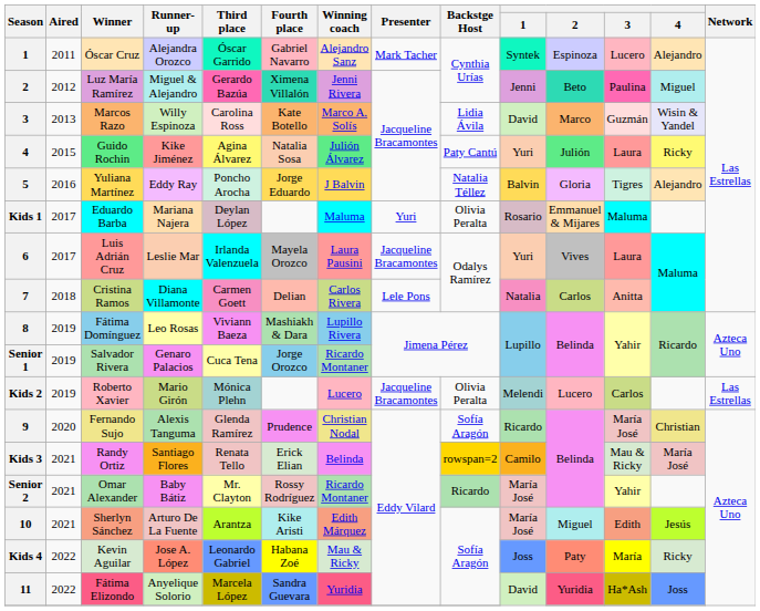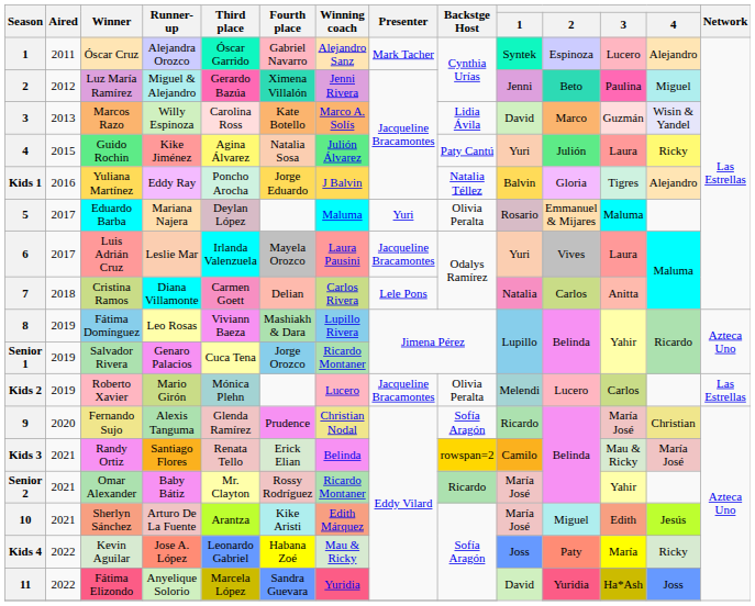 <table class="wikitable" style="text-align:center; font-size:90%; line-height:16px; width:100%">
 <tr>
 <th rowspan="2" scope="col" width="02%">Season</th>
 <th rowspan="2" scope="col" width="05%">Aired</th>
 <th rowspan="2" scope="col" width="09%">Winner</th>
 <th rowspan="2" scope="col" width="09%">Runner-up</th>
 <th rowspan="2" scope="col" width="09%">Third place</th>
 <th rowspan="2" scope="col" width="09%">Fourth place</th>
 <th rowspan="2" scope="col" width="09%">Winning coach</th>
 <th rowspan="2" scope="col" width="09%">Presenter</th>
 <th rowspan="2" scope="col" width="09%">Backstge Host</th>
 <th colspan="4" scope="col" width="18%"></th>
 <th rowspan="2" scope="col" style="width:05%">Network</th>
 </tr>
 <tr>
 <th width="06%">1</th>
 <th width="06%">2</th>
 <th width="06%">3</th>
 <th width="06%">4</th>
 </tr>
 <tr>
 <th>1</th>
 <td>2011</td>
 <td style="background:#ffe5b4">Óscar Cruz</td>
 <td style="background:#ccccff">Alejandra Orozco</td>
 <td style="background:#0ff7c0">Óscar Garrido</td>
 <td style="background: lightpink">Gabriel Navarro</td>
 <td style="background:#ffe5b4"><a href='#'>Alejandro Sanz</a></td>
 <td><a href='#'>Mark Tacher</a></td>
 <td rowspan=2><a href='#'>Cynthia Urías</a></td>
 <td style="background:#0ff7c0">Syntek</td>
 <td style="background:#ccccff">Espinoza</td>
 <td style="background: lightpink">Lucero</td>
 <td style="background:#ffe5b4">Alejandro</td>
 <td rowspan=8><a href='#'>Las Estrellas</a></td>
 </tr>
 <tr>
 <th>2</th>
 <td>2012</td>
 <td style="background:#dda0dd">Luz María Ramírez</td>
 <td style="background:#afeeee">Miguel & Alejandro</td>
 <td style="background:#FF69B4">Gerardo Bazúa</td>
 <td style="background:#2ddab4">Ximena Villalón</td>
 <td style="background:#dda0dd"><a href='#'>Jenni Rivera</a></td>
 <td rowspan="4"><a href='#'>Jacqueline Bracamontes</a></td>
 <td style="background:#dda0dd">Jenni</td>
 <td style="background:#2ddab4">Beto</td>
 <td style="background:#FF69B4">Paulina</td>
 <td style="background:#afeeee">Miguel</td>
 </tr>
 <tr>
 <th>3</th>
 <td>2013</td>
 <td style="background:#fbb46e">Marcos Razo</td>
 <td style="background:#d0f0c0">Willy Espinoza</td>
 <td style="background:#ffdddd">Carolina Ross</td>
 <td style="background:#fbb46e">Kate Botello</td>
 <td style="background:#fbb46e"><a href='#'>Marco A. Solís</a></td>
 <td><a href='#'>Lidia Ávila</a></td>
 <td style="background:#d0f0c0">David</td>
 <td style="background:#fbb46e">Marco</td>
 <td style="background:#ffdddd">Guzmán</td>
 <td style="background: lavender">Wisin & Yandel</td>
 </tr>
 <tr>
 <th>4</th>
 <td>2015</td>
 <td style="background:#5deb87">Guido Rochin</td>
 <td style="background:#ff9999">Kike Jiménez</td>
 <td style="background:#fffa73">Agina Álvarez</td>
 <td style="background:#FBCEB1">Natalia Sosa</td>
 <td style="background:#5deb87"><a href='#'>Julión Álvarez</a></td>
 <td><a href='#'>Paty Cantú</a></td>
 <td style="background:#FBCEB1">Yuri</td>
 <td style="background:#5deb87">Julión</td>
 <td style="background:#ff9999">Laura</td>
 <td style="background:#fffa73">Ricky</td>
 </tr>
 <tr>
-<th>5</th>
+<th>Kids 1</th>
 <td>2016</td>
 <td style="background:#ffdb58">Yuliana Martínez</td>
 <td style="background:#f4bbff">Eddy Ray</td>
 <td style="background:#cef2e0">Poncho Arocha</td>
 <td style="background:#ffdb58">Jorge Eduardo</td>
 <td style="background:#ffdb58"><a href='#'>J Balvin</a></td>
 <td><a href='#'>Natalia Téllez</a></td>
 <td style="background:#ffdb58">Balvin</td>
 <td style="background:#f4bbff">Gloria</td>
 <td style="background:#cef2e0">Tigres</td>
 <td style="background:#ffe5b4">Alejandro</td>
 </tr>
 <tr>
-<th>Kids 1</th>
+<th>5</th>
 <td>2017</td>
 <td style="background:#00FFFF">Eduardo Barba</td>
 <td style="background:#FFDEAD; width:07%">Mariana Najera</td>
 <td style="background:#d7bbc6; width:07%">Deylan López</td>
 <td></td>
 <td bgcolor="#00FFFF"><a href='#'>Maluma</a></td>
 <td><a href='#'>Yuri</a></td>
 <td>Olivia Peralta</td>
 <td style="background:#d7bbc6">Rosario</td>
 <td style="background:#FFDEAD">Emmanuel & Mijares</td>
 <td style="background:#00FFFF">Maluma</td>
 <td></td>
 </tr>
 <tr>
 <th>6</th>
 <td>2017</td>
 <td style="background:#ff9999">Luis Adrián Cruz</td>
 <td style="background:#FBCEB1">Leslie Mar</td>
 <td style="background:#00FFFF">Irlanda Valenzuela</td>
 <td style="background: silver">Mayela Orozco</td>
 <td style="background:#ff9999"><a href='#'>Laura Pausini</a></td>
 <td><a href='#'>Jacqueline Bracamontes</a></td>
 <td rowspan="2">Odalys Ramírez</td>
 <td style="background:#FBCEB1">Yuri</td>
 <td style="background: silver">Vives</td>
 <td style="background:#ff9999">Laura</td>
 <td rowspan="2" style="background:#00FFFF">Maluma</td>
 </tr>
 <tr>
 <th>7</th>
 <td>2018</td>
 <td style="background:#C9DC87">Cristina Ramos</td>
 <td style="background:#00FFFF">Diana Villamonte</td>
 <td style="background:#f78fc2">Carmen Goett</td>
 <td style="background:#febaad">Delian</td>
 <td style="background:#C9DC87"><a href='#'>Carlos Rivera</a></td>
 <td><a href='#'>Lele Pons</a></td>
 <td style="background:#f78fc2">Natalia</td>
 <td style="background:#C9DC87">Carlos</td>
 <td style="background:#febaad">Anitta</td>
 </tr>
 <tr>
 <th>8</th>
 <td>2019</td>
 <td style="background:#87ceeb">Fátima Domínguez</td>
 <td style="background:#ffffaa">Leo Rosas</td>
 <td style="background:#f791f3">Viviann Baeza</td>
 <td style="background:#ace1af">Mashiakh & Dara</td>
 <td style="background:#87ceeb"><a href='#'>Lupillo Rivera</a></td>
 <td rowspan="2" colspan="2"><a href='#'>Jimena Pérez</a></td>
 <td style="background:#87ceeb" rowspan="2">Lupillo</td>
 <td style="background:#f791f3" rowspan="2">Belinda</td>
 <td style="background:#ffffaa" rowspan="2">Yahir</td>
 <td style="background:#ace1af" rowspan="2">Ricardo</td>
 <td rowspan=2><a href='#'>Azteca Uno</a></td>
 </tr>
 <tr>
 <th>Senior 1</th>
 <td>2019</td>
 <td style="background:#ace1af">Salvador Rivera</td>
 <td style="background:#f791f3; width:10%">Genaro Palacios</td>
 <td style="background:#ffffaa; width:10%">Cuca Tena</td>
 <td style="background:#87ceeb; width:10%">Jorge Orozco</td>
 <td style="background:#ace1af"><a href='#'>Ricardo Montaner</a></td>
 </tr>
 <tr>
 <th>Kids 2</th>
 <td>2019</td>
 <td style="background:lightpink">Roberto Xavier</td>
 <td style="background:#C9DC87">Mario Girón</td>
 <td style="background:#a3d3d3">Mónica Plehn</td>
 <td></td>
 <td style="background:lightpink"><a href='#'>Lucero</a></td>
 <td><a href='#'>Jacqueline Bracamontes</a></td>
 <td>Olivia Peralta</td>
 <td style="background:#a3d3d3">Melendi</td>
 <td style="background:lightpink">Lucero</td>
 <td style="background:#C9DC87">Carlos</td>
 <td></td>
 <td><a href='#'>Las Estrellas</a></td>
 </tr>
 <tr>
 <th>9</th>
 <td>2020</td>
 <td style="background: khaki">Fernando Sujo</td>
 <td style="background:#ace1af">Alexis Tanguma</td>
 <td style="background:#f0c4c4">Glenda Ramírez</td>
 <td style="background:#f791f3">Prudence</td>
 <td style="background: khaki"><a href='#'>Christian Nodal</a></td>
 <td rowspan="6"><a href='#'>Eddy Vilard</a></td>
 <td rowspan="1"><a href='#'>Sofía Aragón</a></td>
 <td style="background:#ace1af">Ricardo</td>
 <td style="background:#f791f3" rowspan="3">Belinda</td>
 <td style="background:#f0c4c4">María José</td>
 <td style="background: khaki">Christian</td>
 <td rowspan="7"><a href='#'>Azteca Uno</a></td>
 </tr>
 <tr>
 <th>Kids 3</th>
 <td>2021</td>
 <td style="background:#f791f3">Randy Ortiz</td>
 <td style="background:#fbb11e">Santiago Flores</td>
 <td style="background:#f0c4c4">Renata Tello</td>
 <td style="background:#d7ead1">Erick Elian</td>
 <td style="background:#f791f3"><a href='#'>Belinda</a></td>
 <td style="background: gold;">rowspan=2 </td>
 <td style="background:#fbb11e">Camilo</td>
 <td style="background:#d7ead1">Mau & Ricky</td>
 <td style="background:#f0c4c4">María José</td>
 </tr>
 <tr>
 <th>Senior 2</th>
 <td>2021</td>
 <td style="background:#ace1af">Omar Alexander</td>
 <td style="background:#f791f3">Baby Bátiz</td>
 <td style="background:#ffffaa">Mr. Clayton</td>
 <td style="background:#f0c4c4">Rossy Rodríguez</td>
 <td style="background:#ace1af"><a href='#'>Ricardo Montaner</a></td>
 <td style="background:#ace1af">Ricardo</td>
 <td style="background:#f0c4c4">María José</td>
 <td style="background:#ffffaa">Yahir</td>
 </tr>
 <tr>
 <th>10</th>
 <td>2021</td>
 <td style="background:#F79F81">Sherlyn Sánchez</td>
 <td style="background:#f0c4c4">Arturo De La Fuente</td>
 <td style="background:#bdff2f">Arantza</td>
 <td style="background:#afeeee">Kike Aristi</td>
 <td style="background:#F79F81"><a href='#'>Edith Márquez</a></td>
 <td rowspan="3"><a href='#'>Sofía Aragón</a></td>
 <td style="background:#f0c4c4">María José</td>
 <td style="background:#afeeee">Miguel</td>
 <td style="background:#F79F81">Edith</td>
 <td style="background:#bdff2f">Jesús</td>
 </tr>
 <tr>
 <th>Kids 4</th>
 <td>2022</td>
 <td style="background:#d7ead1">Kevin Aguilar</td>
 <td style="background:#ff8c75">Jose A. López</td>
 <td style="background:#6699FF">Leonardo Gabriel</td>
 <td style="background: yellow">Habana Zoé</td>
 <td style="background:#d7ead1"><a href='#'>Mau & Ricky</a></td>
 <td style="background:#6699FF">Joss</td>
 <td style="background:#ff8c75">Paty</td>
 <td style="background: yellow">María</td>
 <td style="background:#d7ead1"> Ricky</td>
 </tr>
 <tr>
 <th>11</th>
 <td>2022</td>
 <td style="background:#FC5C86">Fátima Elizondo</td>
 <td style="background:#d0f0c0">Anyelique Solorio</td>
 <td style="background:#CCBB00">Marcela López</td>
 <td style="background:#6699FF">Sandra Guevara</td>
 <td style="background:#FC5C86"><a href='#'>Yuridia</a></td>
 <td style="background:#d0f0c0" rowspan="2">David</td>
 <td style="background:#FC5C86">Yuridia</td>
 <td style="background:#CCBB00">Ha*Ash</td>
 <td style="background:#6699FF">Joss</td>
 </tr>
 <tr>
 </tr>
 </table>
